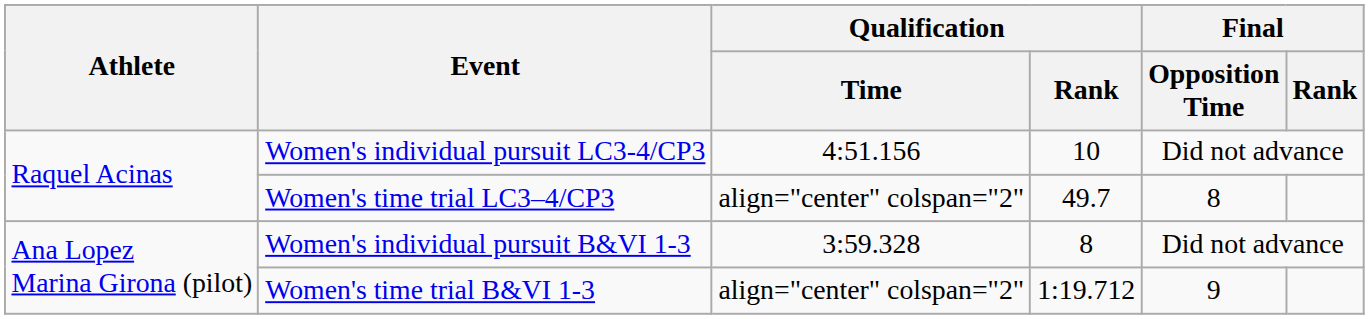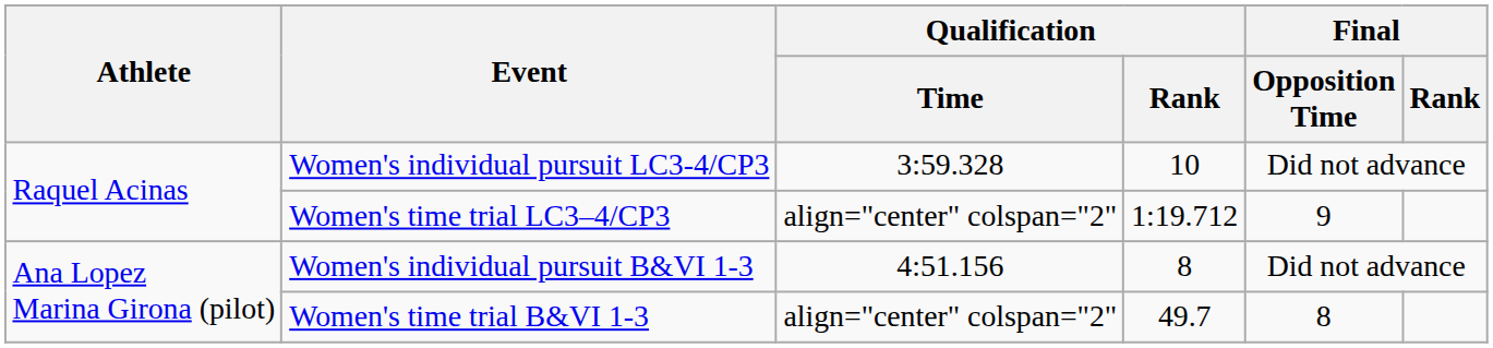 <table class=wikitable style="font-size:90%">
 <tr>
 <th rowspan="2">Athlete</th>
 <th rowspan="2">Event</th>
 <th colspan="2">Qualification</th>
 <th colspan="2">Final</th>
 </tr>
 <tr>
 <th>Time</th>
 <th>Rank</th>
 <th>Opposition<br>Time</th>
 <th>Rank</th>
 </tr>
 <tr>
 <td rowspan="2"><a href='#'>Raquel Acinas</a></td>
 <td><a href='#'>Women's individual pursuit LC3-4/CP3</a></td>
-<td align="center">4:51.156</td>
+<td align="center">3:59.328</td>
 <td align="center">10</td>
 <td align="center" colspan="2">Did not advance</td>
 </tr>
 <tr>
 <td><a href='#'>Women's time trial LC3–4/CP3</a></td>
 <td>align="center" colspan="2" </td>
-<td align="center">49.7</td>
-<td align="center">8</td>
+<td align="center">1:19.712</td>
+<td align="center">9</td>
 </tr>
 <tr>
 <td rowspan="2"><a href='#'>Ana Lopez</a><br> <a href='#'>Marina Girona</a> (pilot)</td>
 <td><a href='#'>Women's individual pursuit B&VI 1-3</a></td>
-<td align="center">3:59.328</td>
+<td align="center">4:51.156</td>
 <td align="center">8</td>
 <td align="center" colspan="2">Did not advance</td>
 </tr>
 <tr>
 <td><a href='#'>Women's time trial B&VI 1-3</a></td>
 <td>align="center" colspan="2" </td>
-<td align="center">1:19.712</td>
-<td align="center">9</td>
+<td align="center">49.7</td>
+<td align="center">8</td>
 </tr>
 </table>
